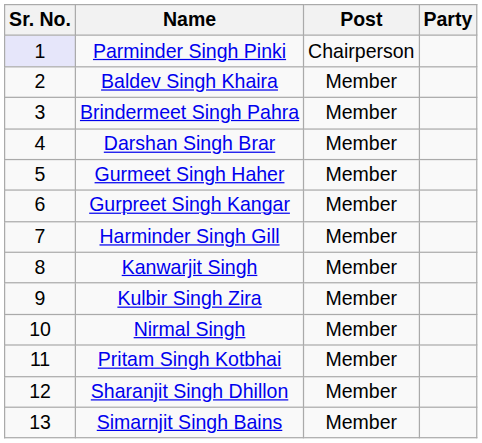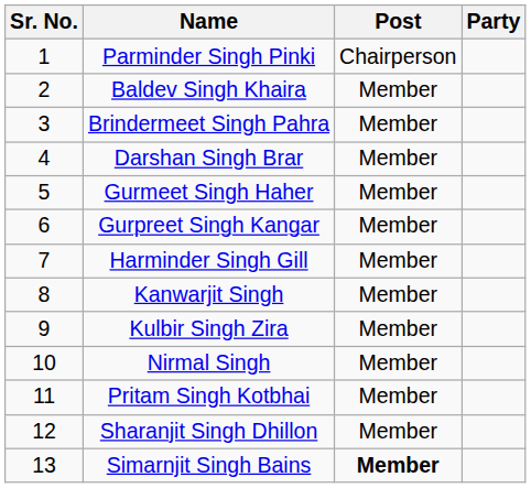 <table class="wikitable sortable">
 <tr>
 <th>Sr. No.</th>
 <th>Name</th>
 <th>Post</th>
 <th colspan="2">Party</th>
 </tr>
 <tr align="center">
-<td style="background: lavender;">1</td>
+<td>1</td>
 <td><a href='#'>Parminder Singh Pinki</a></td>
 <td>Chairperson</td>
 <td></td>
 </tr>
 <tr align="center">
 <td>2</td>
 <td><a href='#'>Baldev Singh Khaira</a></td>
 <td>Member</td>
 <td></td>
 </tr>
 <tr align="center">
 <td>3</td>
 <td><a href='#'>Brindermeet Singh Pahra</a></td>
 <td>Member</td>
 <td></td>
 </tr>
 <tr align="center">
 <td>4</td>
 <td><a href='#'>Darshan Singh Brar</a></td>
 <td>Member</td>
 <td></td>
 </tr>
 <tr align="center">
 <td>5</td>
 <td><a href='#'>Gurmeet Singh Haher</a></td>
 <td>Member</td>
 <td></td>
 </tr>
 <tr align="center">
 <td>6</td>
 <td><a href='#'>Gurpreet Singh Kangar</a></td>
 <td>Member</td>
 <td></td>
 </tr>
 <tr align="center">
 <td>7</td>
 <td><a href='#'>Harminder Singh Gill</a></td>
 <td>Member</td>
 <td></td>
 </tr>
 <tr align="center">
 <td>8</td>
 <td><a href='#'>Kanwarjit Singh</a></td>
 <td>Member</td>
 <td></td>
 </tr>
 <tr align="center">
 <td>9</td>
 <td><a href='#'>Kulbir Singh Zira</a></td>
 <td>Member</td>
 <td></td>
 </tr>
 <tr align="center">
 <td>10</td>
 <td><a href='#'>Nirmal Singh</a></td>
 <td>Member</td>
 <td></td>
 </tr>
 <tr align="center">
 <td>11</td>
 <td><a href='#'>Pritam Singh Kotbhai</a></td>
 <td>Member</td>
 <td></td>
 </tr>
 <tr align="center">
 <td>12</td>
 <td><a href='#'>Sharanjit Singh Dhillon</a></td>
 <td>Member</td>
 <td></td>
 </tr>
 <tr align="center">
 <td>13</td>
 <td><a href='#'>Simarnjit Singh Bains</a></td>
-<td>Member</td>
+<td><strong>Member</strong></td>
 <td></td>
 </tr>
 </table>
